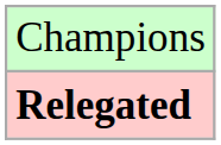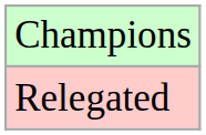 <table class="wikitable">
 <tr style="width:10px;background:#cfc">
 <td>Champions</td>
 </tr>
 <tr style="width:10px;background:#fcc">
-<td><strong>Relegated</strong></td>
+<td>Relegated</td>
 </tr>
 </table>
